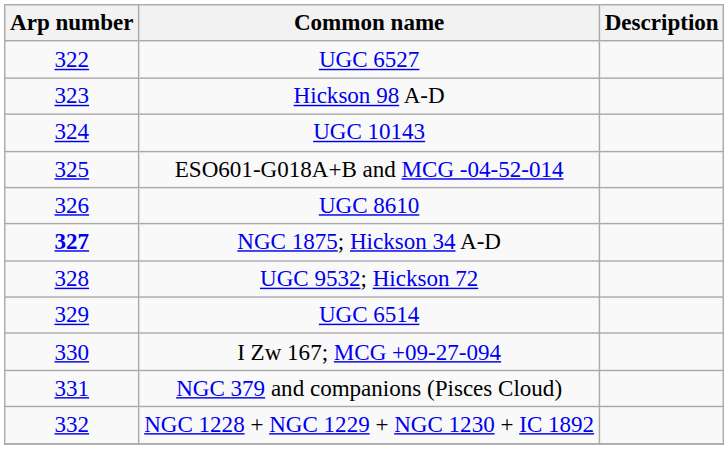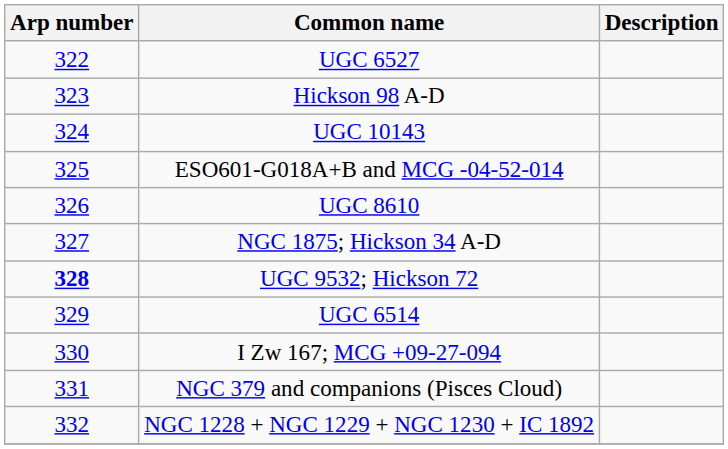 <table class="wikitable" style="text-align:center;">
 <tr>
 <th>Arp number</th>
 <th>Common name</th>
 <th>Description</th>
 </tr>
 <tr>
 <td><a href='#'>322</a></td>
 <td><a href='#'>UGC 6527</a></td>
 <td></td>
 </tr>
 <tr>
 <td><a href='#'>323</a></td>
 <td><a href='#'>Hickson 98</a> A-D</td>
 <td></td>
 </tr>
 <tr>
 <td><a href='#'>324</a></td>
 <td><a href='#'>UGC 10143</a></td>
 <td></td>
 </tr>
 <tr>
 <td><a href='#'>325</a></td>
 <td>ESO601-G018A+B and <a href='#'>MCG -04-52-014</a></td>
 <td></td>
 </tr>
 <tr>
 <td><a href='#'>326</a></td>
 <td><a href='#'>UGC 8610</a></td>
 <td></td>
 </tr>
 <tr>
-<td><strong><a href='#'>327</a></strong></td>
+<td><a href='#'>327</a></td>
 <td><a href='#'>NGC 1875</a>; <a href='#'>Hickson 34</a> A-D</td>
 <td></td>
 </tr>
 <tr>
-<td><a href='#'>328</a></td>
+<td><strong><a href='#'>328</a></strong></td>
 <td><a href='#'>UGC 9532</a>; <a href='#'>Hickson 72</a></td>
 <td></td>
 </tr>
 <tr>
 <td><a href='#'>329</a></td>
 <td><a href='#'>UGC 6514</a></td>
 <td></td>
 </tr>
 <tr>
 <td><a href='#'>330</a></td>
 <td>I Zw 167; <a href='#'>MCG +09-27-094</a></td>
 <td></td>
 </tr>
 <tr>
 <td><a href='#'>331</a></td>
 <td><a href='#'>NGC 379</a> and companions (Pisces Cloud)</td>
 <td></td>
 </tr>
 <tr>
 <td><a href='#'>332</a></td>
 <td><a href='#'>NGC 1228</a> + <a href='#'>NGC 1229</a> + <a href='#'>NGC 1230</a> + <a href='#'>IC 1892</a></td>
 <td></td>
 </tr>
 <tr>
 </tr>
 </table>
